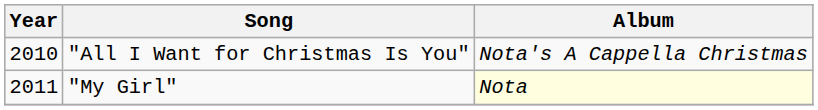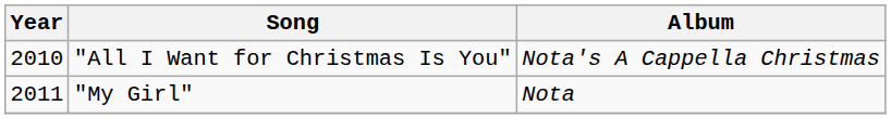 <table class="wikitable">
 <tr>
 <th>Year</th>
 <th>Song</th>
 <th>Album</th>
 </tr>
 <tr>
 <td>2010</td>
 <td>"All I Want for Christmas Is You"</td>
 <td><em>Nota's A Cappella Christmas</em></td>
 </tr>
 <tr>
 <td>2011</td>
 <td>"My Girl"</td>
-<td style="background: lightyellow;"><em>Nota</em></td>
+<td><em>Nota</em></td>
 </tr>
 <tr>
 </tr>
 </table>
